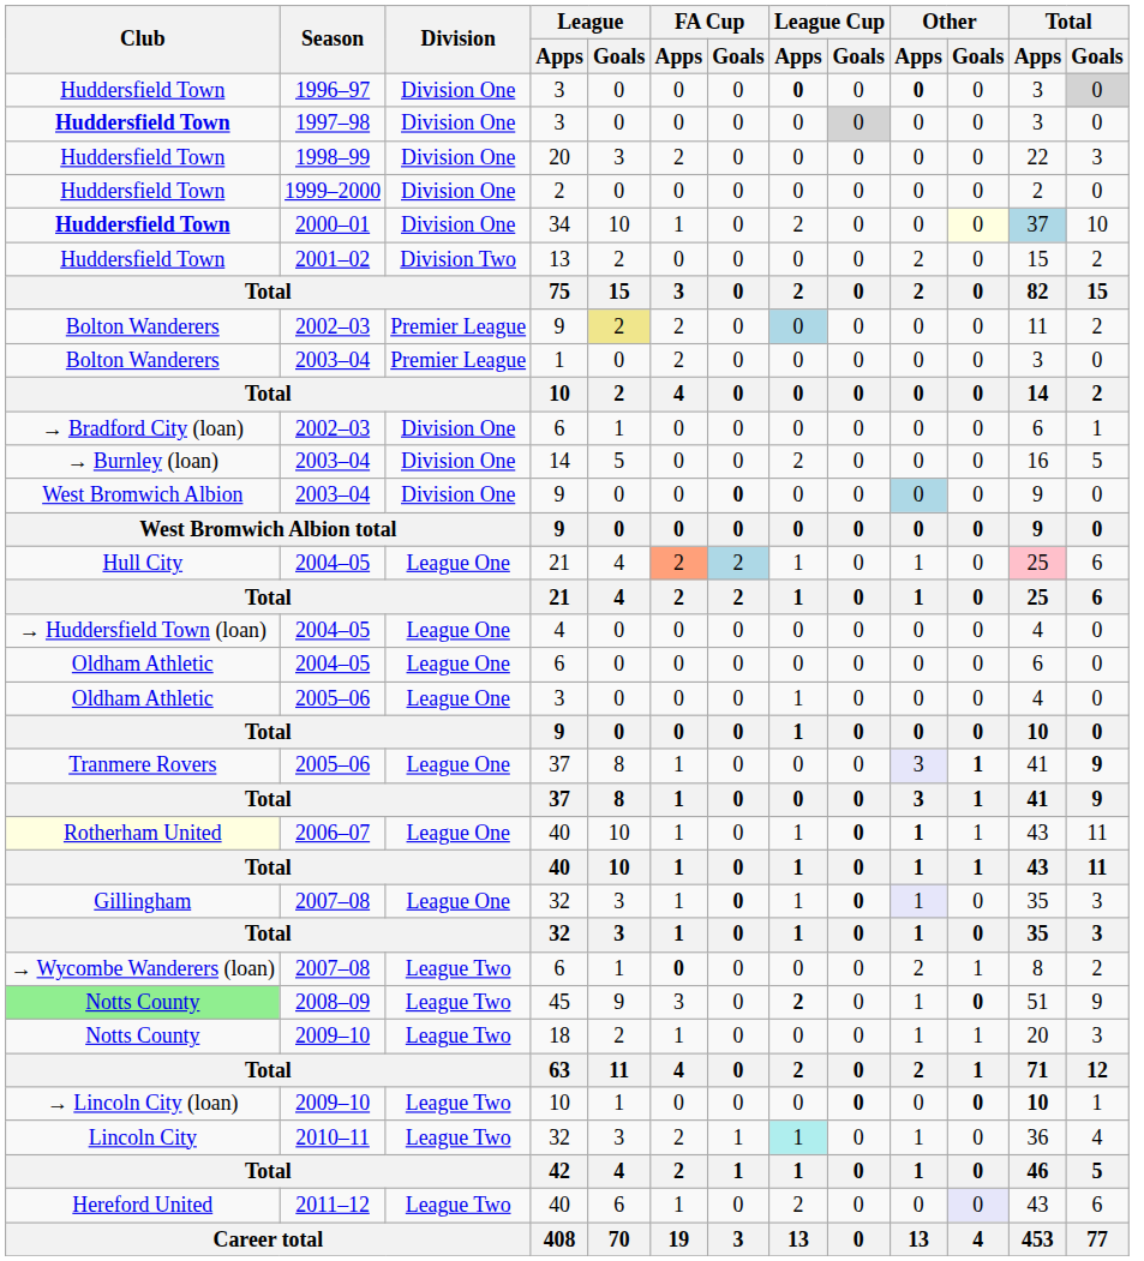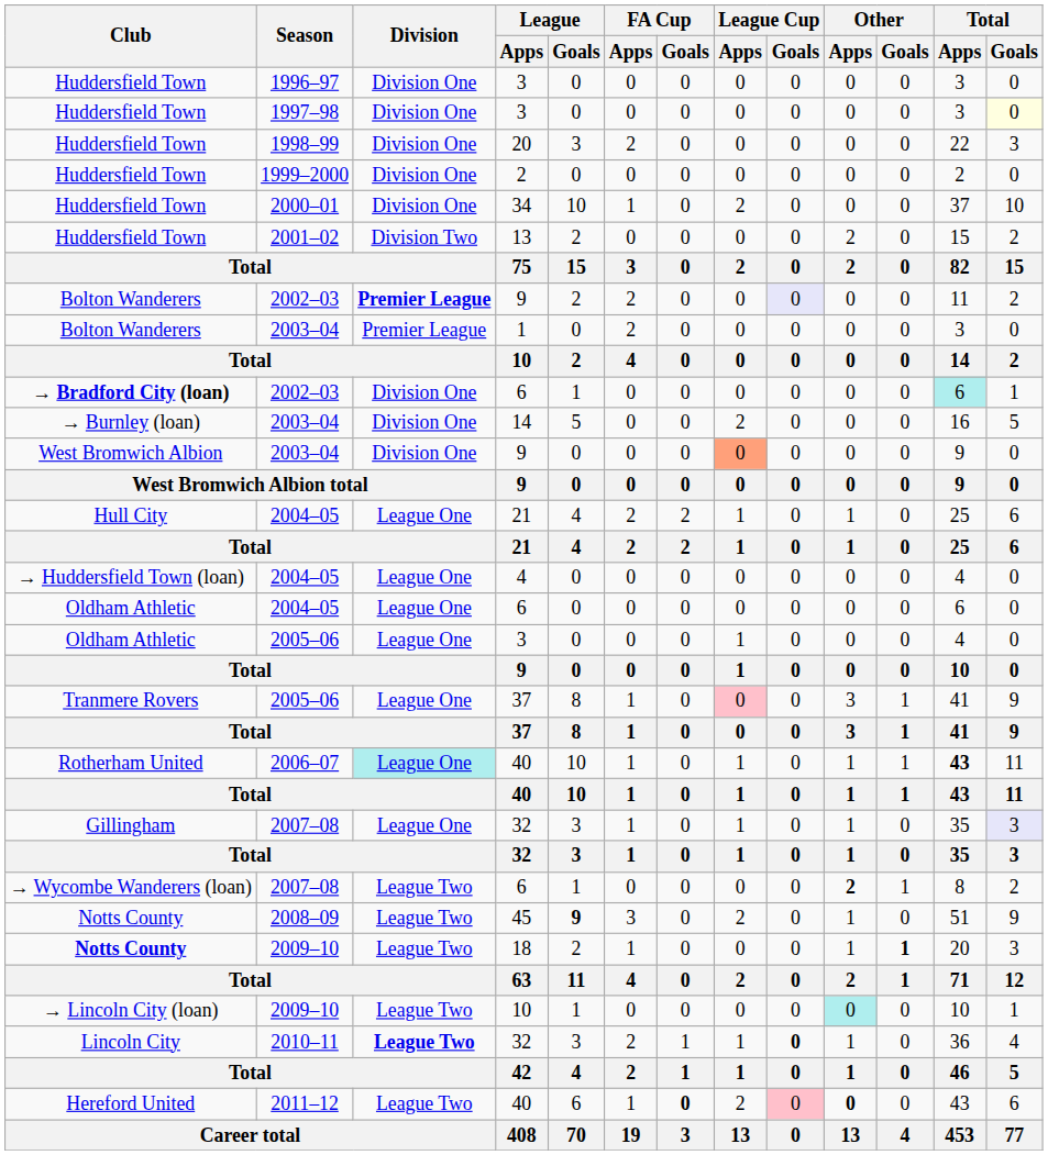 <table class="wikitable" style="text-align:center;">
 <tr>
 <th rowspan="2">Club</th>
 <th rowspan="2">Season</th>
 <th rowspan="2">Division</th>
 <th colspan="2">League</th>
 <th colspan="2">FA Cup</th>
 <th colspan="2">League Cup</th>
 <th colspan="2">Other</th>
 <th colspan="2">Total</th>
 </tr>
 <tr>
 <th>Apps</th>
 <th>Goals</th>
 <th>Apps</th>
 <th>Goals</th>
 <th>Apps</th>
 <th>Goals</th>
 <th>Apps</th>
 <th>Goals</th>
 <th>Apps</th>
 <th>Goals</th>
 </tr>
 <tr>
 <td><a href='#'>Huddersfield Town</a></td>
 <td><a href='#'>1996–97</a></td>
 <td><a href='#'>Division One</a></td>
 <td>3</td>
 <td>0</td>
 <td>0</td>
 <td>0</td>
-<td><strong>0</strong></td>
 <td>0</td>
-<td><strong>0</strong></td>
+<td>0</td>
+<td>0</td>
 <td>0</td>
 <td>3</td>
-<td style="background: lightgrey;">0</td>
+<td>0</td>
 </tr>
 <tr>
-<td><strong><a href='#'>Huddersfield Town</a></strong></td>
+<td><a href='#'>Huddersfield Town</a></td>
 <td><a href='#'>1997–98</a></td>
 <td><a href='#'>Division One</a></td>
 <td>3</td>
 <td>0</td>
 <td>0</td>
 <td>0</td>
 <td>0</td>
-<td style="background: lightgrey;">0</td>
+<td>0</td>
 <td>0</td>
 <td>0</td>
 <td>3</td>
-<td>0</td>
+<td style="background: lightyellow;">0</td>
 </tr>
 <tr>
 <td><a href='#'>Huddersfield Town</a></td>
 <td><a href='#'>1998–99</a></td>
 <td><a href='#'>Division One</a></td>
 <td>20</td>
 <td>3</td>
 <td>2</td>
 <td>0</td>
 <td>0</td>
 <td>0</td>
 <td>0</td>
 <td>0</td>
 <td>22</td>
 <td>3</td>
 </tr>
 <tr>
 <td><a href='#'>Huddersfield Town</a></td>
 <td><a href='#'>1999–2000</a></td>
 <td><a href='#'>Division One</a></td>
 <td>2</td>
 <td>0</td>
 <td>0</td>
 <td>0</td>
 <td>0</td>
 <td>0</td>
 <td>0</td>
 <td>0</td>
 <td>2</td>
 <td>0</td>
 </tr>
 <tr>
-<td><strong><a href='#'>Huddersfield Town</a></strong></td>
+<td><a href='#'>Huddersfield Town</a></td>
 <td><a href='#'>2000–01</a></td>
 <td><a href='#'>Division One</a></td>
 <td>34</td>
 <td>10</td>
 <td>1</td>
 <td>0</td>
 <td>2</td>
 <td>0</td>
 <td>0</td>
-<td style="background: lightyellow;">0</td>
-<td style="background: lightblue;">37</td>
+<td>0</td>
+<td>37</td>
 <td>10</td>
 </tr>
 <tr>
 <td><a href='#'>Huddersfield Town</a></td>
 <td><a href='#'>2001–02</a></td>
 <td><a href='#'>Division Two</a></td>
 <td>13</td>
 <td>2</td>
 <td>0</td>
 <td>0</td>
 <td>0</td>
 <td>0</td>
 <td>2</td>
 <td>0</td>
 <td>15</td>
 <td>2</td>
 </tr>
 <tr>
 <th colspan="3">Total</th>
 <th>75</th>
 <th>15</th>
 <th>3</th>
 <th>0</th>
 <th>2</th>
 <th>0</th>
 <th>2</th>
 <th>0</th>
 <th>82</th>
 <th>15</th>
 </tr>
 <tr>
 <td><a href='#'>Bolton Wanderers</a></td>
 <td><a href='#'>2002–03</a></td>
-<td><a href='#'>Premier League</a></td>
+<td><strong><a href='#'>Premier League</a></strong></td>
 <td>9</td>
-<td style="background: khaki;">2</td>
+<td>2</td>
 <td>2</td>
 <td>0</td>
-<td style="background: lightblue;">0</td>
 <td>0</td>
+<td style="background: lavender;">0</td>
 <td>0</td>
 <td>0</td>
 <td>11</td>
 <td>2</td>
 </tr>
 <tr>
 <td><a href='#'>Bolton Wanderers</a></td>
 <td><a href='#'>2003–04</a></td>
 <td><a href='#'>Premier League</a></td>
 <td>1</td>
 <td>0</td>
 <td>2</td>
 <td>0</td>
 <td>0</td>
 <td>0</td>
 <td>0</td>
 <td>0</td>
 <td>3</td>
 <td>0</td>
 </tr>
 <tr>
 <th colspan="3">Total</th>
 <th>10</th>
 <th>2</th>
 <th>4</th>
 <th>0</th>
 <th>0</th>
 <th>0</th>
 <th>0</th>
 <th>0</th>
 <th>14</th>
 <th>2</th>
 </tr>
 <tr>
-<td>→ <a href='#'>Bradford City</a> (loan)</td>
+<td><strong>→ <a href='#'>Bradford City</a> (loan)</strong></td>
 <td><a href='#'>2002–03</a></td>
 <td><a href='#'>Division One</a></td>
 <td>6</td>
 <td>1</td>
 <td>0</td>
 <td>0</td>
 <td>0</td>
 <td>0</td>
 <td>0</td>
 <td>0</td>
-<td>6</td>
+<td style="background: paleturquoise;">6</td>
 <td>1</td>
 </tr>
 <tr>
 <td>→ <a href='#'>Burnley</a> (loan)</td>
 <td><a href='#'>2003–04</a></td>
 <td><a href='#'>Division One</a></td>
 <td>14</td>
 <td>5</td>
 <td>0</td>
 <td>0</td>
 <td>2</td>
 <td>0</td>
 <td>0</td>
 <td>0</td>
 <td>16</td>
 <td>5</td>
 </tr>
 <tr>
 <td><a href='#'>West Bromwich Albion</a></td>
 <td><a href='#'>2003–04</a></td>
 <td><a href='#'>Division One</a></td>
 <td>9</td>
 <td>0</td>
 <td>0</td>
-<td><strong>0</strong></td>
+<td>0</td>
+<td style="background: lightsalmon;">0</td>
 <td>0</td>
 <td>0</td>
-<td style="background: lightblue;">0</td>
 <td>0</td>
 <td>9</td>
 <td>0</td>
 </tr>
 <tr>
 <th colspan="3">West Bromwich Albion total</th>
 <th>9</th>
 <th>0</th>
 <th>0</th>
 <th>0</th>
 <th>0</th>
 <th>0</th>
 <th>0</th>
 <th>0</th>
 <th>9</th>
 <th>0</th>
 </tr>
 <tr>
 <td><a href='#'>Hull City</a></td>
 <td><a href='#'>2004–05</a></td>
 <td><a href='#'>League One</a></td>
 <td>21</td>
 <td>4</td>
-<td style="background: lightsalmon;">2</td>
-<td style="background: lightblue;">2</td>
+<td>2</td>
+<td>2</td>
 <td>1</td>
 <td>0</td>
 <td>1</td>
 <td>0</td>
-<td style="background: pink;">25</td>
+<td>25</td>
 <td>6</td>
 </tr>
 <tr>
 <th colspan="3">Total</th>
 <th>21</th>
 <th>4</th>
 <th>2</th>
 <th>2</th>
 <th>1</th>
 <th>0</th>
 <th>1</th>
 <th>0</th>
 <th>25</th>
 <th>6</th>
 </tr>
 <tr>
 <td>→ <a href='#'>Huddersfield Town</a> (loan)</td>
 <td><a href='#'>2004–05</a></td>
 <td><a href='#'>League One</a></td>
 <td>4</td>
 <td>0</td>
 <td>0</td>
 <td>0</td>
 <td>0</td>
 <td>0</td>
 <td>0</td>
 <td>0</td>
 <td>4</td>
 <td>0</td>
 </tr>
 <tr>
 <td><a href='#'>Oldham Athletic</a></td>
 <td><a href='#'>2004–05</a></td>
 <td><a href='#'>League One</a></td>
 <td>6</td>
 <td>0</td>
 <td>0</td>
 <td>0</td>
 <td>0</td>
 <td>0</td>
 <td>0</td>
 <td>0</td>
 <td>6</td>
 <td>0</td>
 </tr>
 <tr>
 <td><a href='#'>Oldham Athletic</a></td>
 <td><a href='#'>2005–06</a></td>
 <td><a href='#'>League One</a></td>
 <td>3</td>
 <td>0</td>
 <td>0</td>
 <td>0</td>
 <td>1</td>
 <td>0</td>
 <td>0</td>
 <td>0</td>
 <td>4</td>
 <td>0</td>
 </tr>
 <tr>
 <th colspan="3">Total</th>
 <th>9</th>
 <th>0</th>
 <th>0</th>
 <th>0</th>
 <th>1</th>
 <th>0</th>
 <th>0</th>
 <th>0</th>
 <th>10</th>
 <th>0</th>
 </tr>
 <tr>
 <td><a href='#'>Tranmere Rovers</a></td>
 <td><a href='#'>2005–06</a></td>
 <td><a href='#'>League One</a></td>
 <td>37</td>
 <td>8</td>
 <td>1</td>
 <td>0</td>
+<td style="background: pink;">0</td>
 <td>0</td>
-<td>0</td>
-<td style="background: lavender;">3</td>
-<td><strong>1</strong></td>
+<td>3</td>
+<td>1</td>
 <td>41</td>
-<td><strong>9</strong></td>
+<td>9</td>
 </tr>
 <tr>
 <th colspan="3">Total</th>
 <th>37</th>
 <th>8</th>
 <th>1</th>
 <th>0</th>
 <th>0</th>
 <th>0</th>
 <th>3</th>
 <th>1</th>
 <th>41</th>
 <th>9</th>
 </tr>
 <tr>
-<td style="background: lightyellow;"><a href='#'>Rotherham United</a></td>
+<td><a href='#'>Rotherham United</a></td>
 <td><a href='#'>2006–07</a></td>
-<td><a href='#'>League One</a></td>
+<td style="background: paleturquoise;"><a href='#'>League One</a></td>
 <td>40</td>
 <td>10</td>
 <td>1</td>
 <td>0</td>
 <td>1</td>
-<td><strong>0</strong></td>
-<td><strong>1</strong></td>
+<td>0</td>
 <td>1</td>
-<td>43</td>
+<td>1</td>
+<td><strong>43</strong></td>
 <td>11</td>
 </tr>
 <tr>
 <th colspan="3">Total</th>
 <th>40</th>
 <th>10</th>
 <th>1</th>
 <th>0</th>
 <th>1</th>
 <th>0</th>
 <th>1</th>
 <th>1</th>
 <th>43</th>
 <th>11</th>
 </tr>
 <tr>
 <td><a href='#'>Gillingham</a></td>
 <td><a href='#'>2007–08</a></td>
 <td><a href='#'>League One</a></td>
 <td>32</td>
 <td>3</td>
 <td>1</td>
-<td><strong>0</strong></td>
+<td>0</td>
 <td>1</td>
-<td><strong>0</strong></td>
-<td style="background: lavender;">1</td>
+<td>0</td>
+<td>1</td>
 <td>0</td>
 <td>35</td>
-<td>3</td>
+<td style="background: lavender;">3</td>
 </tr>
 <tr>
 <th colspan="3">Total</th>
 <th>32</th>
 <th>3</th>
 <th>1</th>
 <th>0</th>
 <th>1</th>
 <th>0</th>
 <th>1</th>
 <th>0</th>
 <th>35</th>
 <th>3</th>
 </tr>
 <tr>
 <td>→ <a href='#'>Wycombe Wanderers</a> (loan)</td>
 <td><a href='#'>2007–08</a></td>
 <td><a href='#'>League Two</a></td>
 <td>6</td>
 <td>1</td>
-<td><strong>0</strong></td>
 <td>0</td>
 <td>0</td>
 <td>0</td>
-<td>2</td>
+<td>0</td>
+<td><strong>2</strong></td>
 <td>1</td>
 <td>8</td>
 <td>2</td>
 </tr>
 <tr>
-<td style="background: lightgreen;"><a href='#'>Notts County</a></td>
+<td><a href='#'>Notts County</a></td>
 <td><a href='#'>2008–09</a></td>
 <td><a href='#'>League Two</a></td>
 <td>45</td>
-<td>9</td>
+<td><strong>9</strong></td>
 <td>3</td>
 <td>0</td>
-<td><strong>2</strong></td>
+<td>2</td>
 <td>0</td>
 <td>1</td>
-<td><strong>0</strong></td>
+<td>0</td>
 <td>51</td>
 <td>9</td>
 </tr>
 <tr>
-<td><a href='#'>Notts County</a></td>
+<td><strong><a href='#'>Notts County</a></strong></td>
 <td><a href='#'>2009–10</a></td>
 <td><a href='#'>League Two</a></td>
 <td>18</td>
 <td>2</td>
 <td>1</td>
 <td>0</td>
 <td>0</td>
 <td>0</td>
 <td>1</td>
-<td>1</td>
+<td><strong>1</strong></td>
 <td>20</td>
 <td>3</td>
 </tr>
 <tr>
 <th colspan="3">Total</th>
 <th>63</th>
 <th>11</th>
 <th>4</th>
 <th>0</th>
 <th>2</th>
 <th>0</th>
 <th>2</th>
 <th>1</th>
 <th>71</th>
 <th>12</th>
 </tr>
 <tr>
 <td>→ <a href='#'>Lincoln City</a> (loan)</td>
 <td><a href='#'>2009–10</a></td>
 <td><a href='#'>League Two</a></td>
 <td>10</td>
 <td>1</td>
 <td>0</td>
 <td>0</td>
 <td>0</td>
-<td><strong>0</strong></td>
 <td>0</td>
-<td><strong>0</strong></td>
-<td><strong>10</strong></td>
+<td style="background: paleturquoise;">0</td>
+<td>0</td>
+<td>10</td>
 <td>1</td>
 </tr>
 <tr>
 <td><a href='#'>Lincoln City</a></td>
 <td><a href='#'>2010–11</a></td>
-<td><a href='#'>League Two</a></td>
+<td><strong><a href='#'>League Two</a></strong></td>
 <td>32</td>
 <td>3</td>
 <td>2</td>
 <td>1</td>
-<td style="background: paleturquoise;">1</td>
-<td>0</td>
+<td>1</td>
+<td><strong>0</strong></td>
 <td>1</td>
 <td>0</td>
 <td>36</td>
 <td>4</td>
 </tr>
 <tr>
 <th colspan="3">Total</th>
 <th>42</th>
 <th>4</th>
 <th>2</th>
 <th>1</th>
 <th>1</th>
 <th>0</th>
 <th>1</th>
 <th>0</th>
 <th>46</th>
 <th>5</th>
 </tr>
 <tr>
 <td><a href='#'>Hereford United</a></td>
 <td><a href='#'>2011–12</a></td>
 <td><a href='#'>League Two</a></td>
 <td>40</td>
 <td>6</td>
 <td>1</td>
+<td><strong>0</strong></td>
+<td>2</td>
+<td style="background: pink;">0</td>
+<td><strong>0</strong></td>
 <td>0</td>
-<td>2</td>
-<td>0</td>
-<td>0</td>
-<td style="background: lavender;">0</td>
 <td>43</td>
 <td>6</td>
 </tr>
 <tr>
 <th colspan="3">Career total</th>
 <th>408</th>
 <th>70</th>
 <th>19</th>
 <th>3</th>
 <th>13</th>
 <th>0</th>
 <th>13</th>
 <th>4</th>
 <th>453</th>
 <th>77</th>
 </tr>
 </table>
